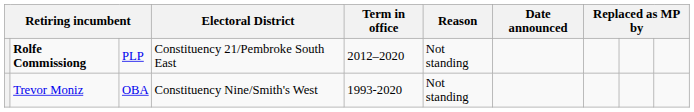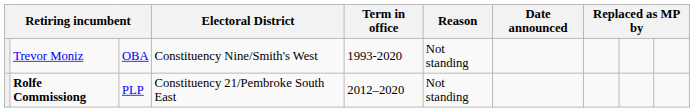 <table class="wikitable sortable">
 <tr>
 <th colspan=3>Retiring incumbent</th>
 <th scope=col>Electoral District</th>
 <th>Term in office</th>
 <th>Reason</th>
 <th>Date announced</th>
 <th colspan=3>Replaced as MP by</th>
+</tr>
+<tr>
+<th style="background:"></th>
+<td><a href='#'>Trevor Moniz</a></td>
+<td><a href='#'>OBA</a></td>
+<td>Constituency Nine/Smith's West</td>
+<td>1993-2020</td>
+<td>Not standing</td>
+<td></td>
+<td></td>
+<td></td>
+<td></td>
 </tr>
 <tr>
 <th style="background:"></th>
 <td><strong>Rolfe Commissiong</strong></td>
 <td scope="row" style="text-align:left;"><a href='#'>PLP</a></td>
 <td>Constituency 21/Pembroke South East</td>
 <td>2012–2020</td>
 <td>Not standing</td>
 <td></td>
 <td></td>
 <td></td>
 <td></td>
 </tr>
-<tr>
-<th style="background:"></th>
-<td><a href='#'>Trevor Moniz</a></td>
-<td><a href='#'>OBA</a></td>
-<td>Constituency Nine/Smith's West</td>
-<td>1993-2020</td>
-<td>Not standing</td>
-<td></td>
-<td></td>
-<td></td>
-<td></td>
-</tr>
 </table>
